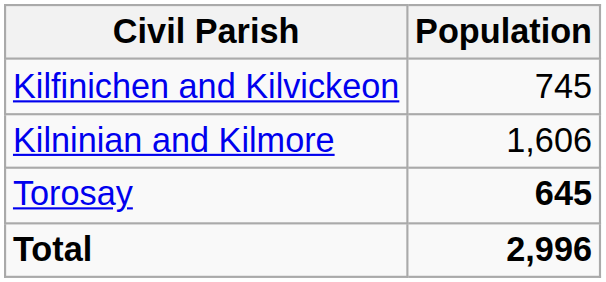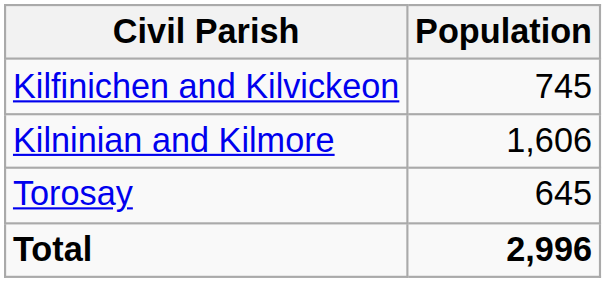 <table class="wikitable">
 <tr>
 <th>Civil Parish</th>
 <th>Population</th>
 </tr>
 <tr>
 <td><a href='#'>Kilfinichen and Kilvickeon</a></td>
 <td align="right">745</td>
 </tr>
 <tr>
 <td><a href='#'>Kilninian and Kilmore</a></td>
 <td align="right">1,606</td>
 </tr>
 <tr>
 <td><a href='#'>Torosay</a></td>
-<td align="right"><strong>645</strong></td>
+<td align="right">645</td>
 </tr>
 <tr>
 <td><strong>Total</strong></td>
 <td align="right"><strong>2,996</strong></td>
 </tr>
 </table>
